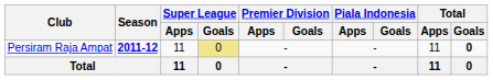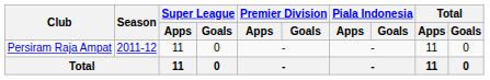 <table class="wikitable" style="font-size:90%; text-align:center;">
 <tr>
 <th rowspan="2">Club</th>
 <th rowspan="2">Season</th>
 <th colspan="2"><a href='#'>Super League</a></th>
 <th colspan="2"><a href='#'>Premier Division</a></th>
 <th colspan="2"><a href='#'>Piala Indonesia</a></th>
 <th colspan="2">Total</th>
 </tr>
 <tr>
 <th>Apps</th>
 <th>Goals</th>
 <th>Apps</th>
 <th>Goals</th>
 <th>Apps</th>
 <th>Goals</th>
 <th>Apps</th>
 <th>Goals</th>
 </tr>
 <tr>
 <td rowspan="1"><a href='#'>Persiram Raja Ampat</a></td>
-<td><strong><a href='#'>2011-12</a></strong></td>
+<td><a href='#'>2011-12</a></td>
 <td>11</td>
-<td style="background: khaki;">0</td>
+<td>0</td>
 <td colspan="2">-</td>
 <td colspan="2">-</td>
 <td>11</td>
-<td><strong>0</strong></td>
+<td>0</td>
 </tr>
 <tr>
 <th colspan="2">Total</th>
 <th>11</th>
 <th>0</th>
 <th colspan="2">-</th>
 <th colspan="2">-</th>
 <th>11</th>
 <th>0</th>
 </tr>
 </table>
